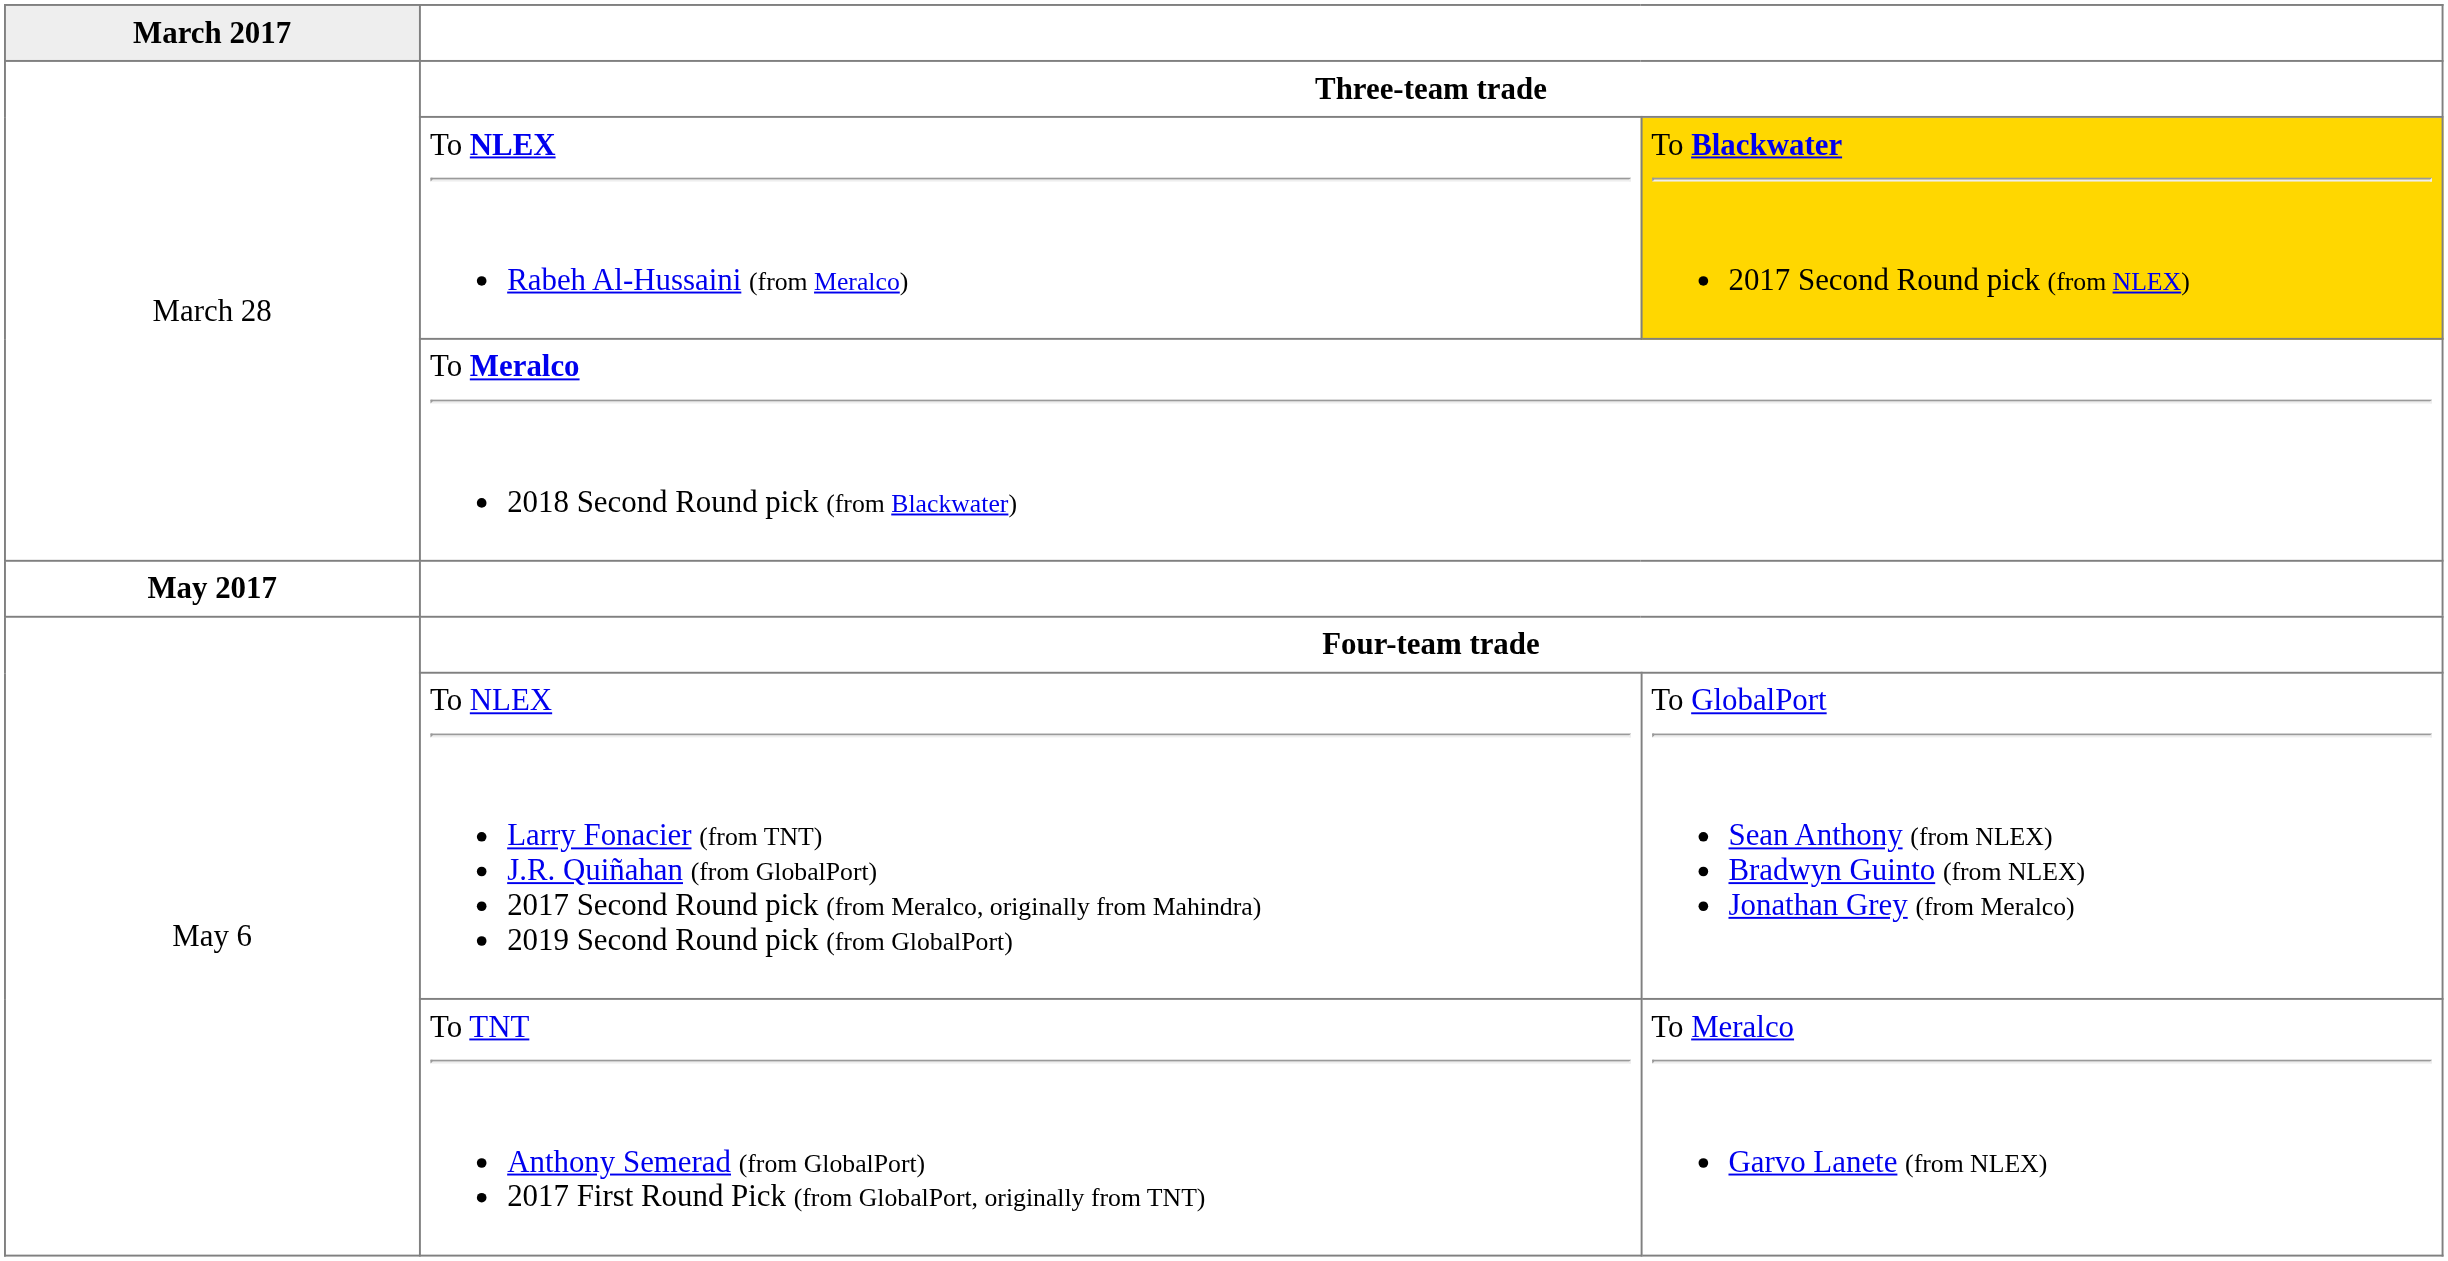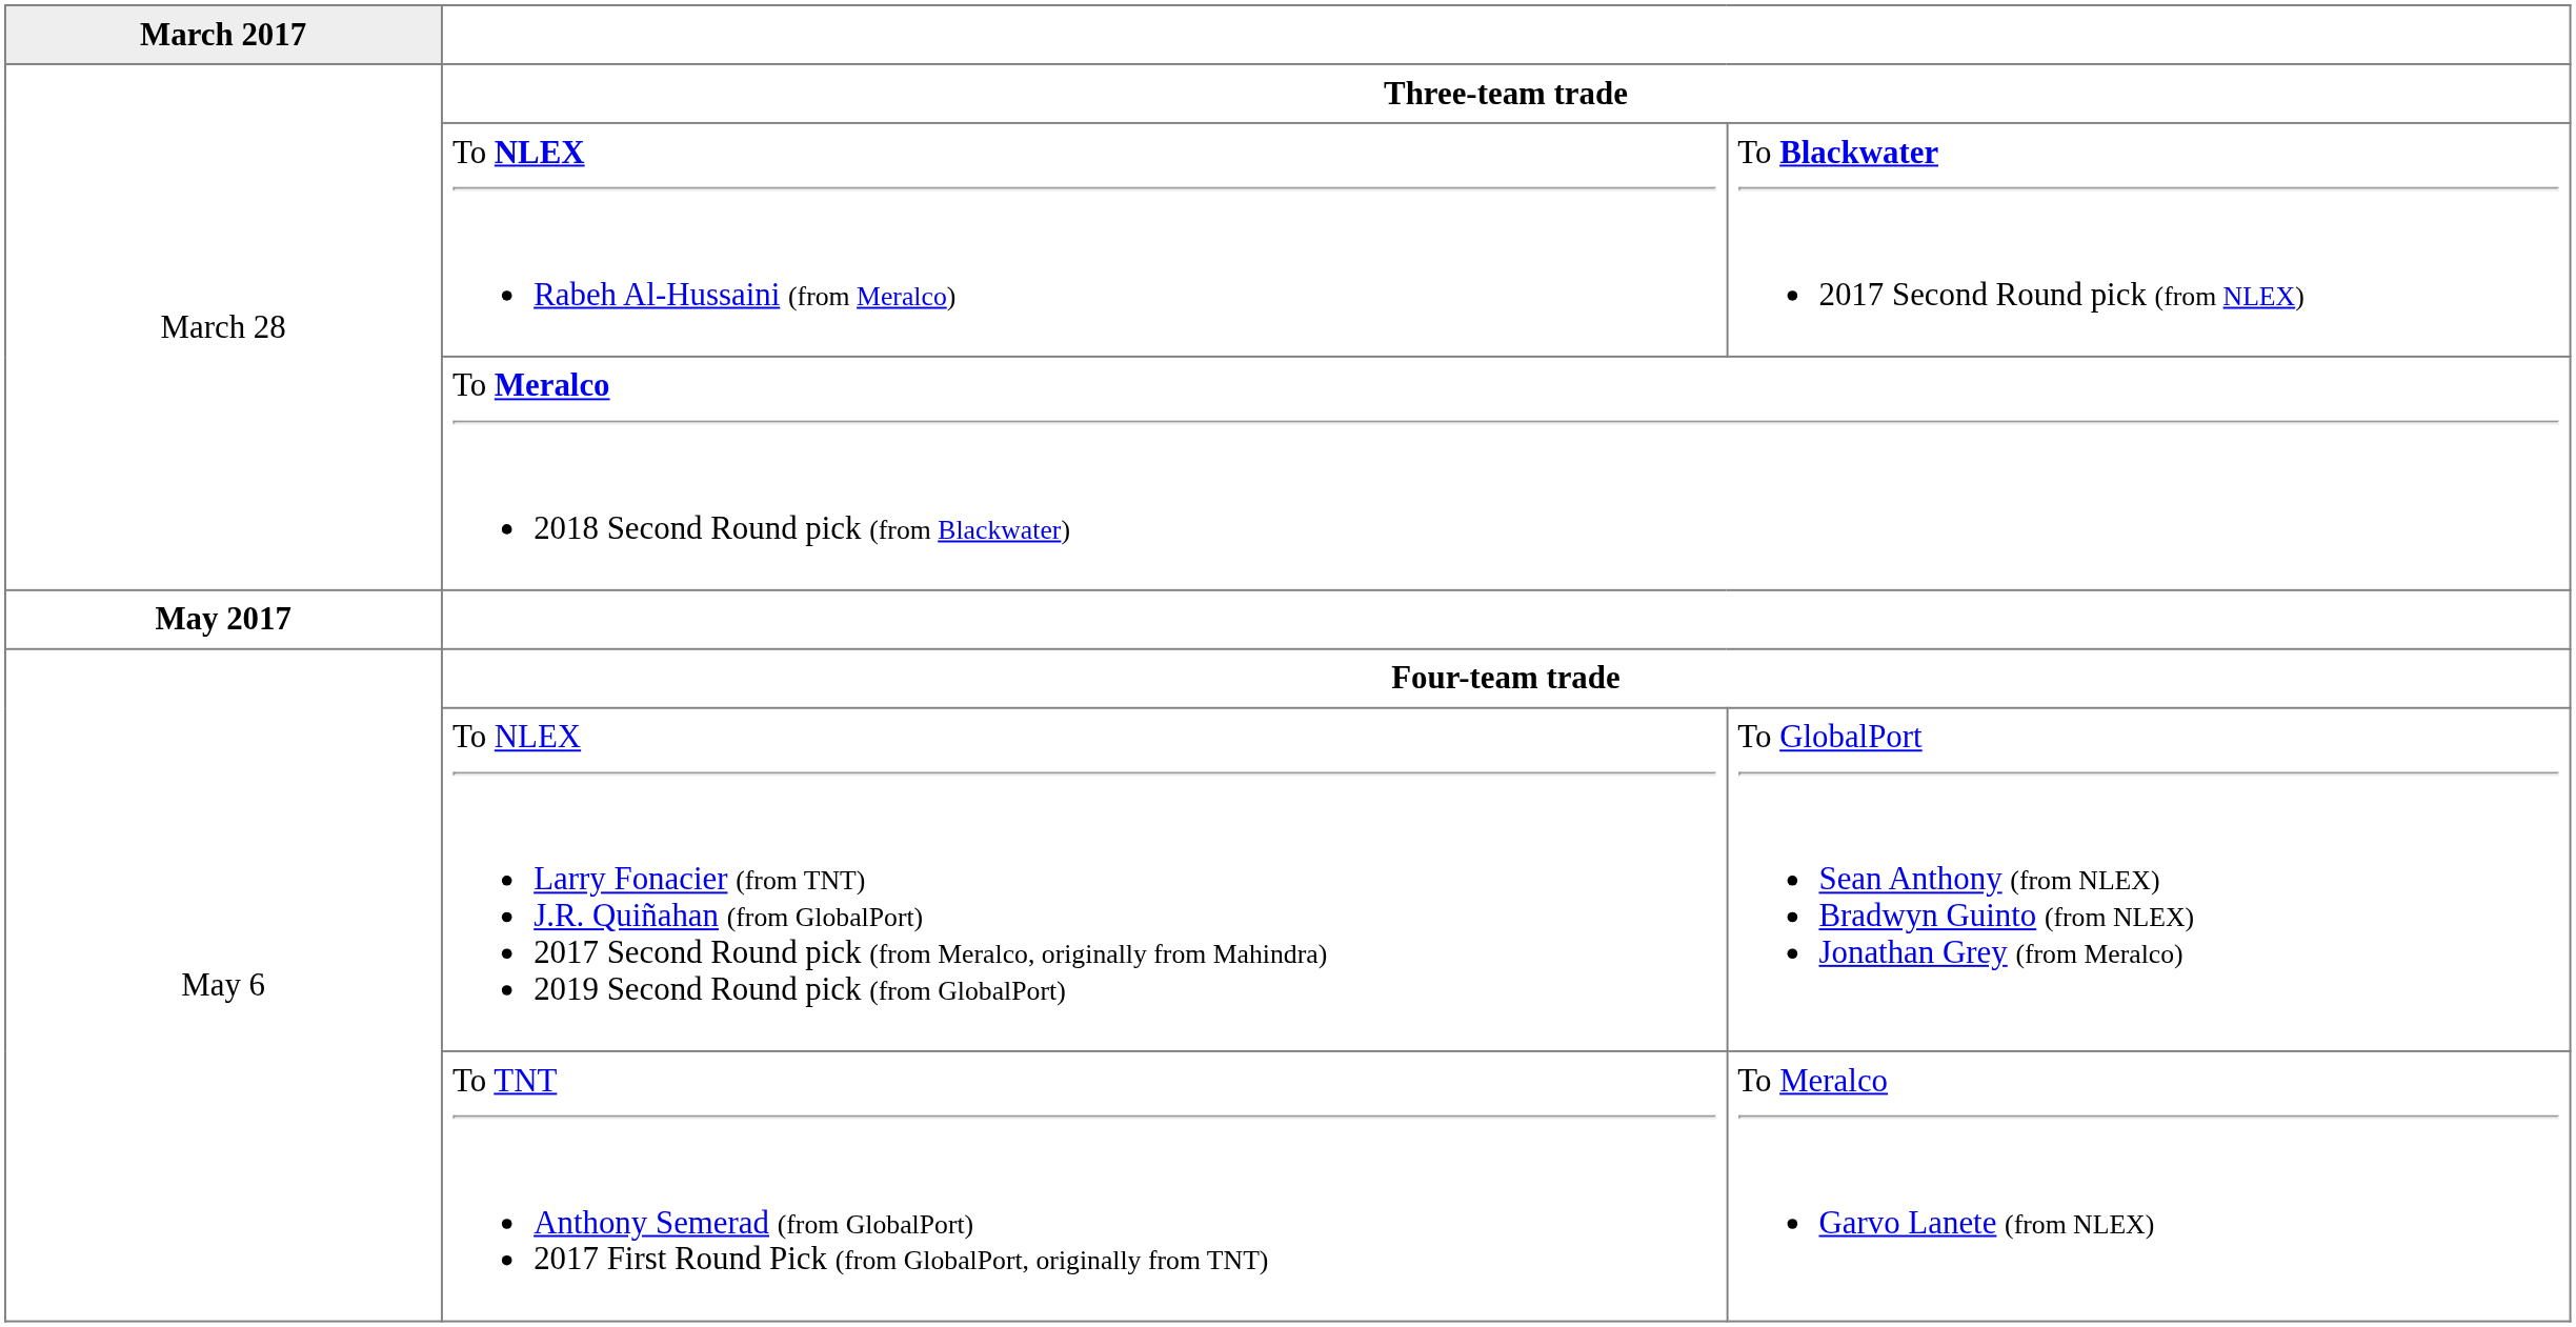 <table border="1" style="border-collapse:collapse; text-align:center; width:100%;"  cellpadding="5">
 <tr style="background:#eee;">
 <th>March 2017</th>
 </tr>
 <tr>
 <td style="width:17%" rowspan=3>March 28</td>
 <td colspan=2><strong>Three-team trade</strong></td>
 </tr>
 <tr>
 <td align=left valign=top>To <strong><a href='#'>NLEX</a></strong><hr><br><ul><li><a href='#'>Rabeh Al-Hussaini</a> <small>(from <a href='#'>Meralco</a>)</small></li></ul></td>
-<td align=left valign=top style="background: gold;">To <strong><a href='#'>Blackwater</a></strong><hr><br><ul><li>2017 Second Round pick <small>(from <a href='#'>NLEX</a>)</small></li></ul></td>
+<td align=left valign=top>To <strong><a href='#'>Blackwater</a></strong><hr><br><ul><li>2017 Second Round pick <small>(from <a href='#'>NLEX</a>)</small></li></ul></td>
 </tr>
 <tr>
 <td colspan="2"  style="text-align:left; vertical-align:top;">To <strong><a href='#'>Meralco</a></strong><hr><br><ul><li>2018 Second Round pick <small>(from <a href='#'>Blackwater</a>)</small></li></ul></td>
 </tr>
 <tr>
 <th>May 2017</th>
 </tr>
 <tr>
 <td rowspan=3>May 6</td>
 <td colspan=3><strong>Four-team trade</strong></td>
 </tr>
 <tr>
 <td align=left valign=top>To <a href='#'>NLEX</a><hr><br><ul><li><a href='#'>Larry Fonacier</a> <small>(from TNT)</small></li><li><a href='#'>J.R. Quiñahan</a> <small>(from GlobalPort)</small></li><li>2017 Second Round pick <small>(from Meralco, originally from Mahindra)</small></li><li>2019 Second Round pick <small>(from GlobalPort)</small></li></ul></td>
 <td align=left valign=top>To <a href='#'>GlobalPort</a><hr><br><ul><li><a href='#'>Sean Anthony</a> <small>(from NLEX)</small></li><li><a href='#'>Bradwyn Guinto</a> <small>(from NLEX)</small></li><li><a href='#'>Jonathan Grey</a> <small>(from Meralco)</small></li></ul></td>
 </tr>
 <tr>
 <td align=left valign=top>To <a href='#'>TNT</a><hr><br><ul><li><a href='#'>Anthony Semerad</a> <small>(from GlobalPort)</small></li><li>2017 First Round Pick <small>(from GlobalPort, originally from TNT)</small></li></ul></td>
 <td align=left valign=top>To <a href='#'>Meralco</a><hr><br><ul><li><a href='#'>Garvo Lanete</a> <small>(from NLEX)</small></li></ul></td>
 </tr>
 </table>
